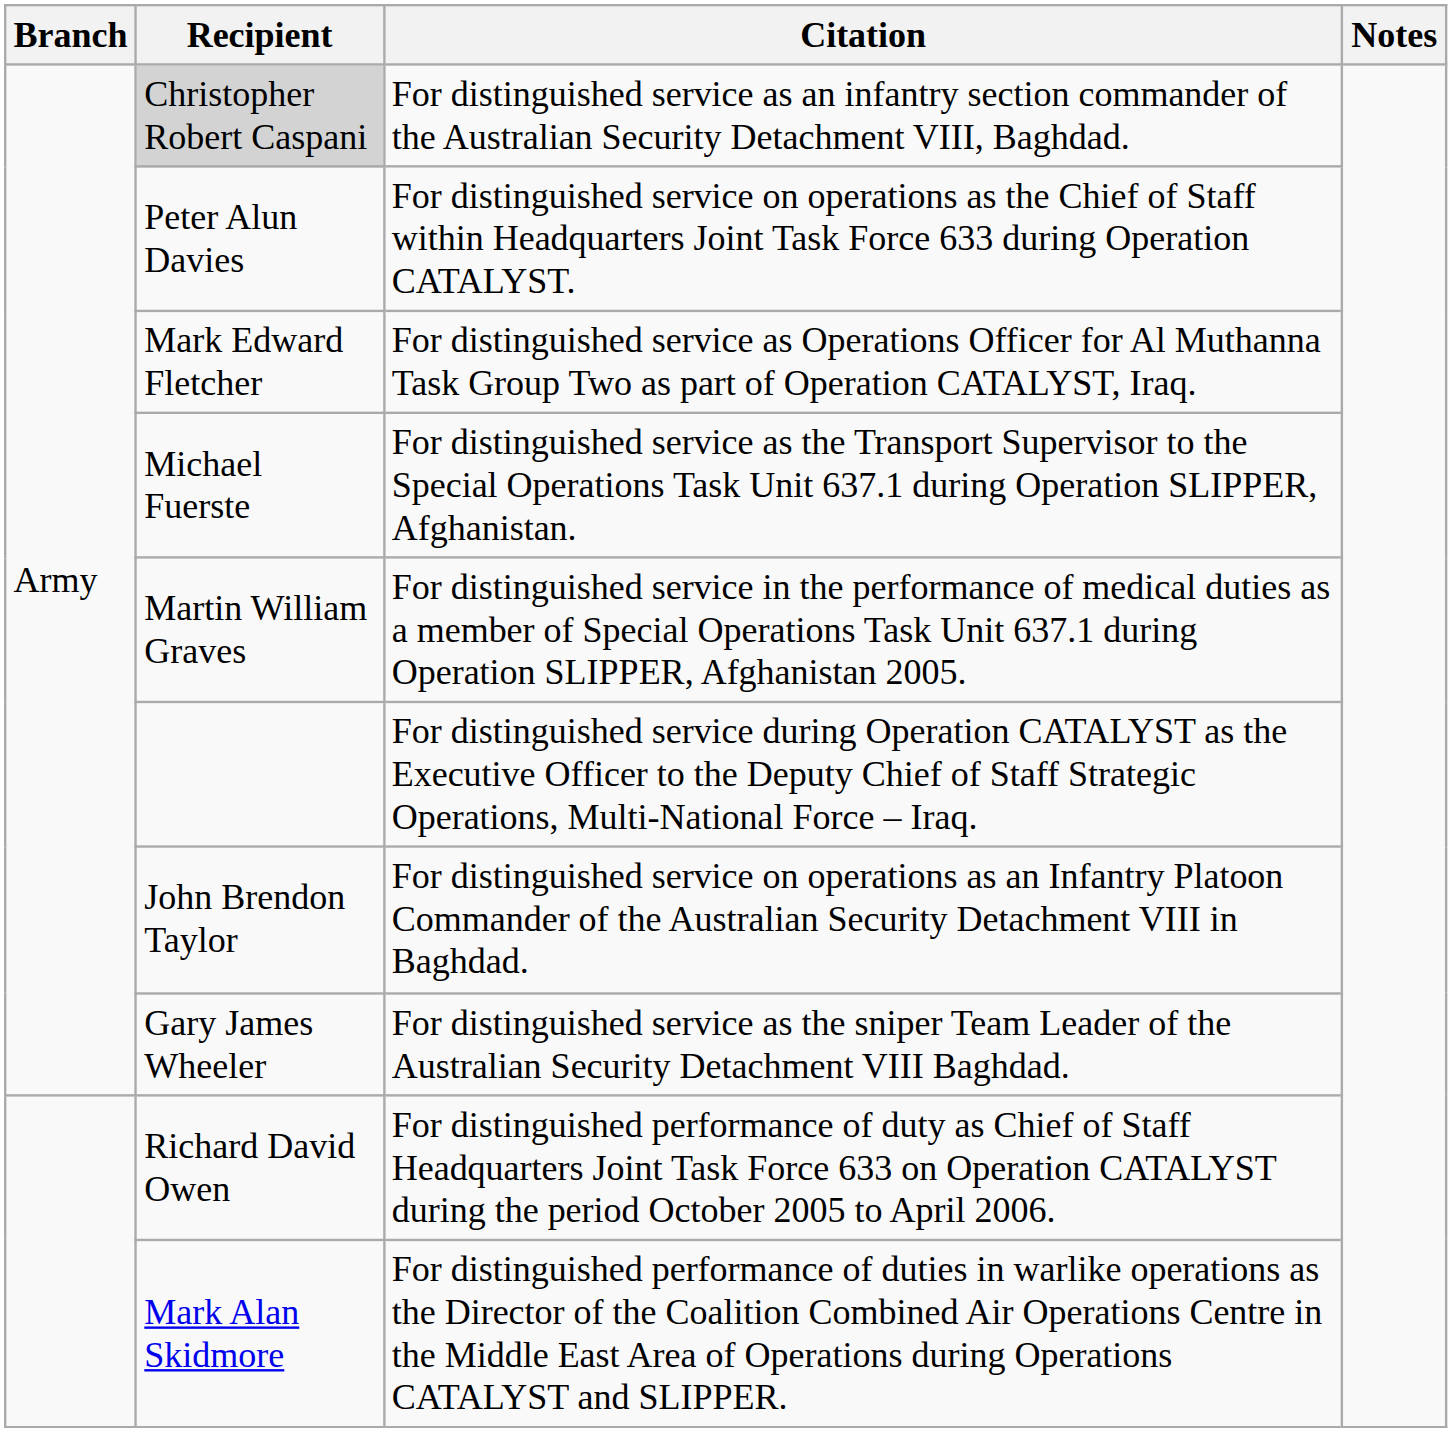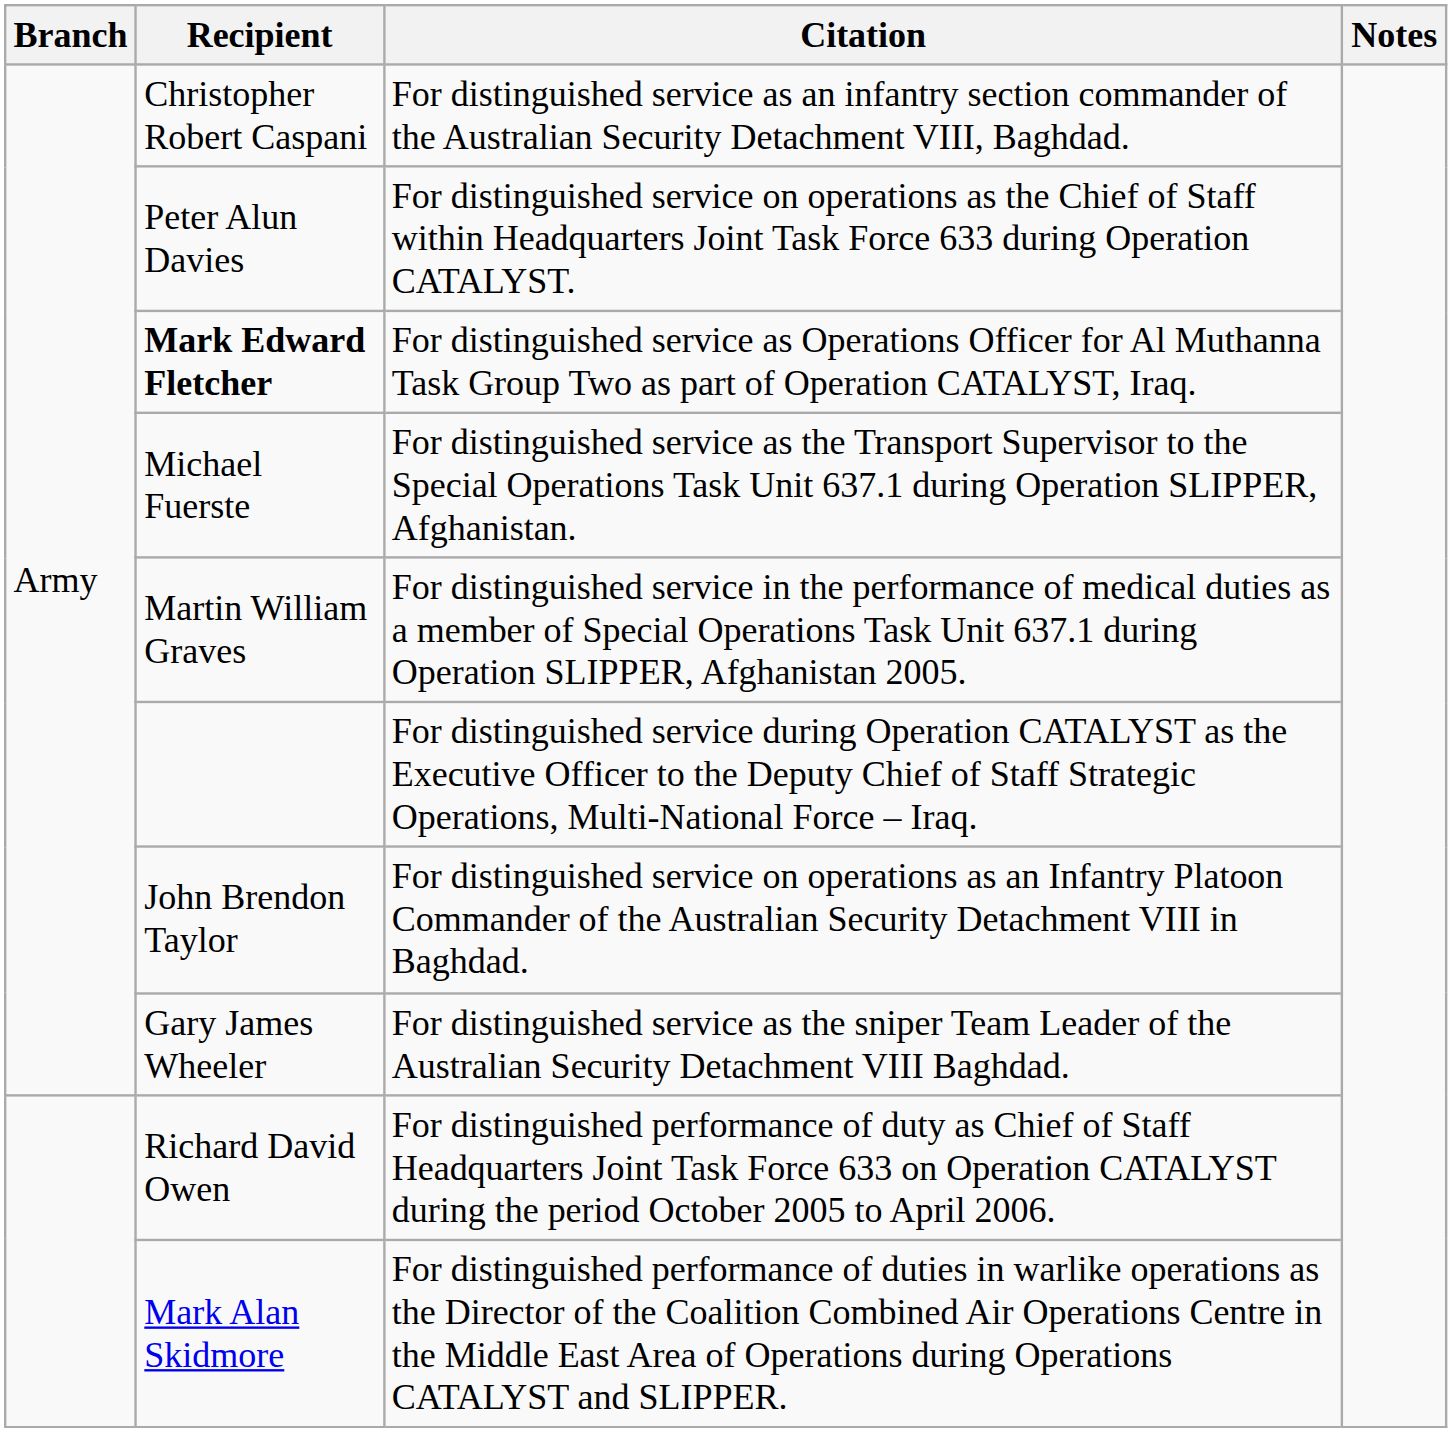 <table class="wikitable" style="font-size:95%;">
 <tr>
 <th>Branch</th>
 <th>Recipient</th>
 <th>Citation</th>
 <th>Notes</th>
 </tr>
 <tr>
 <td rowspan=8>Army</td>
-<td style="background: lightgrey;">Christopher Robert Caspani</td>
+<td>Christopher Robert Caspani</td>
 <td>For distinguished service as an infantry section commander of the Australian Security Detachment VIII, Baghdad.</td>
 <td rowspan=10></td>
 </tr>
 <tr>
 <td> Peter Alun Davies</td>
 <td>For distinguished service on operations as the Chief of Staff within Headquarters Joint Task Force 633 during Operation CATALYST.</td>
 </tr>
 <tr>
-<td> Mark Edward Fletcher</td>
+<td><strong> Mark Edward Fletcher</strong></td>
 <td>For distinguished service as Operations Officer for Al Muthanna Task Group Two as part of Operation CATALYST, Iraq.</td>
 </tr>
 <tr>
 <td> Michael Fuerste</td>
 <td>For distinguished service as the Transport Supervisor to the Special Operations Task Unit 637.1 during Operation SLIPPER, Afghanistan.</td>
 </tr>
 <tr>
 <td> Martin William Graves</td>
 <td>For distinguished service in the performance of medical duties as a member of Special Operations Task Unit 637.1 during Operation SLIPPER, Afghanistan 2005.</td>
 </tr>
 <tr>
 <td></td>
 <td>For distinguished service during Operation CATALYST as the Executive Officer to the Deputy Chief of Staff Strategic Operations, Multi-National Force – Iraq.</td>
 </tr>
 <tr>
 <td> John Brendon Taylor</td>
 <td>For distinguished service on operations as an Infantry Platoon Commander of the Australian Security Detachment VIII in Baghdad.</td>
 </tr>
 <tr>
 <td> Gary James Wheeler</td>
 <td>For distinguished service as the sniper Team Leader of the Australian Security Detachment VIII Baghdad.</td>
 </tr>
 <tr>
 <td rowspan=2></td>
 <td> Richard David Owen</td>
 <td>For distinguished performance of duty as Chief of Staff Headquarters Joint Task Force 633 on Operation CATALYST during the period October 2005 to April 2006.</td>
 </tr>
 <tr>
 <td> <a href='#'>Mark Alan Skidmore</a></td>
 <td>For distinguished performance of duties in warlike operations as the Director of the Coalition Combined Air Operations Centre in the Middle East Area of Operations during Operations CATALYST and SLIPPER.</td>
 </tr>
 </table>
